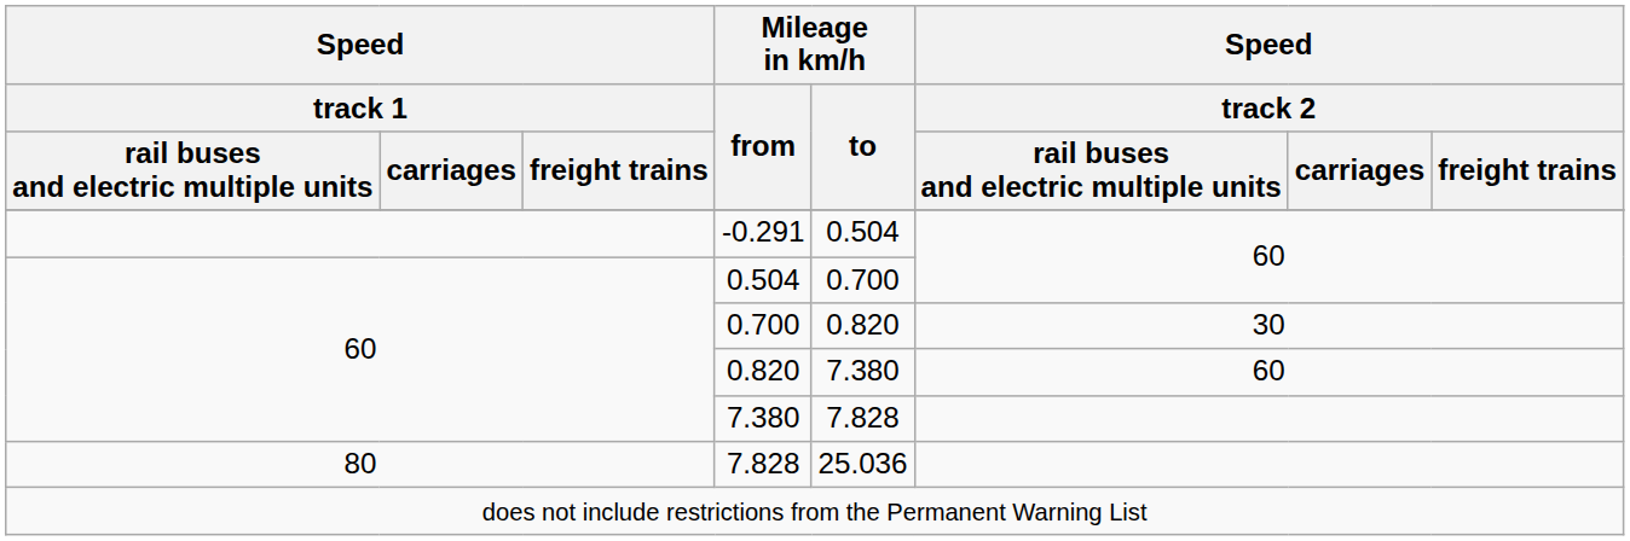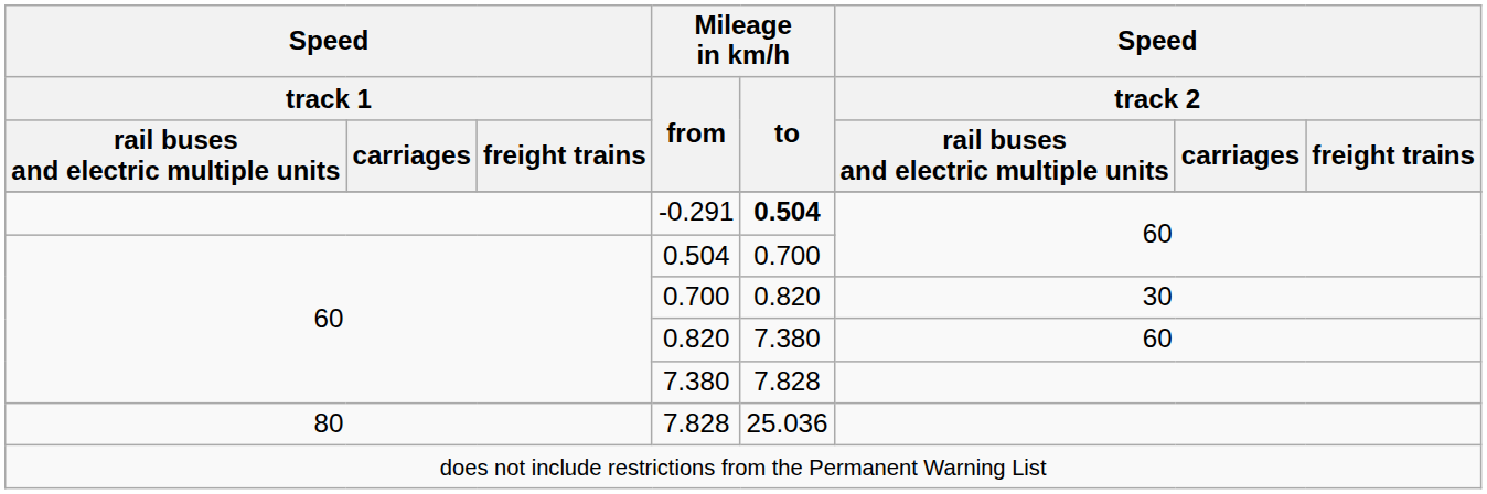 <table class="wikitable" style="text-align:center">
 <tr>
 <th colspan="3">Speed</th>
 <th colspan="2">Mileage<br>in km/h</th>
 <th colspan="3">Speed</th>
 </tr>
 <tr>
 <th colspan="3">track 1</th>
 <th rowspan="2">from</th>
 <th rowspan="2">to</th>
 <th colspan="3">track 2</th>
 </tr>
 <tr>
 <th>rail buses<br>and electric multiple units</th>
 <th>carriages</th>
 <th>freight trains</th>
 <th>rail buses<br>and electric multiple units</th>
 <th>carriages</th>
 <th>freight trains</th>
 </tr>
 <tr>
 </tr>
 <tr>
 <td colspan="3"></td>
 <td>-0.291</td>
-<td>0.504</td>
+<td><strong>0.504</strong></td>
 <td colspan="3" rowspan="2">60</td>
 </tr>
 <tr>
 <td colspan="3" rowspan="4">60</td>
 <td>0.504</td>
 <td>0.700</td>
 </tr>
 <tr>
 <td>0.700</td>
 <td>0.820</td>
 <td colspan="3">30</td>
 </tr>
 <tr>
 <td>0.820</td>
 <td>7.380</td>
 <td colspan="3">60</td>
 </tr>
 <tr>
 <td>7.380</td>
 <td>7.828</td>
 <td colspan="3"></td>
 </tr>
 <tr>
 <td colspan="3">80</td>
 <td>7.828</td>
 <td>25.036</td>
 <td colspan="3"></td>
 </tr>
 <tr>
 <td colspan="8"><small>does not include restrictions from the Permanent Warning List</small></td>
 </tr>
 </table>
